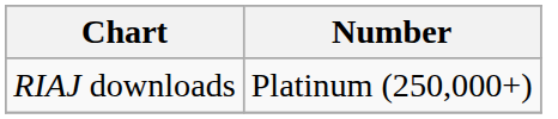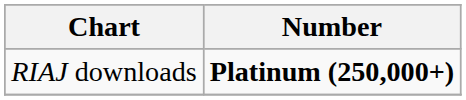 <table class="wikitable">
 <tr>
 <th>Chart</th>
 <th>Number</th>
 </tr>
 <tr>
 <td><em>RIAJ</em> downloads</td>
-<td align="center">Platinum (250,000+)</td>
+<td align="center"><strong>Platinum (250,000+)</strong></td>
 </tr>
 <tr>
 </tr>
 </table>
